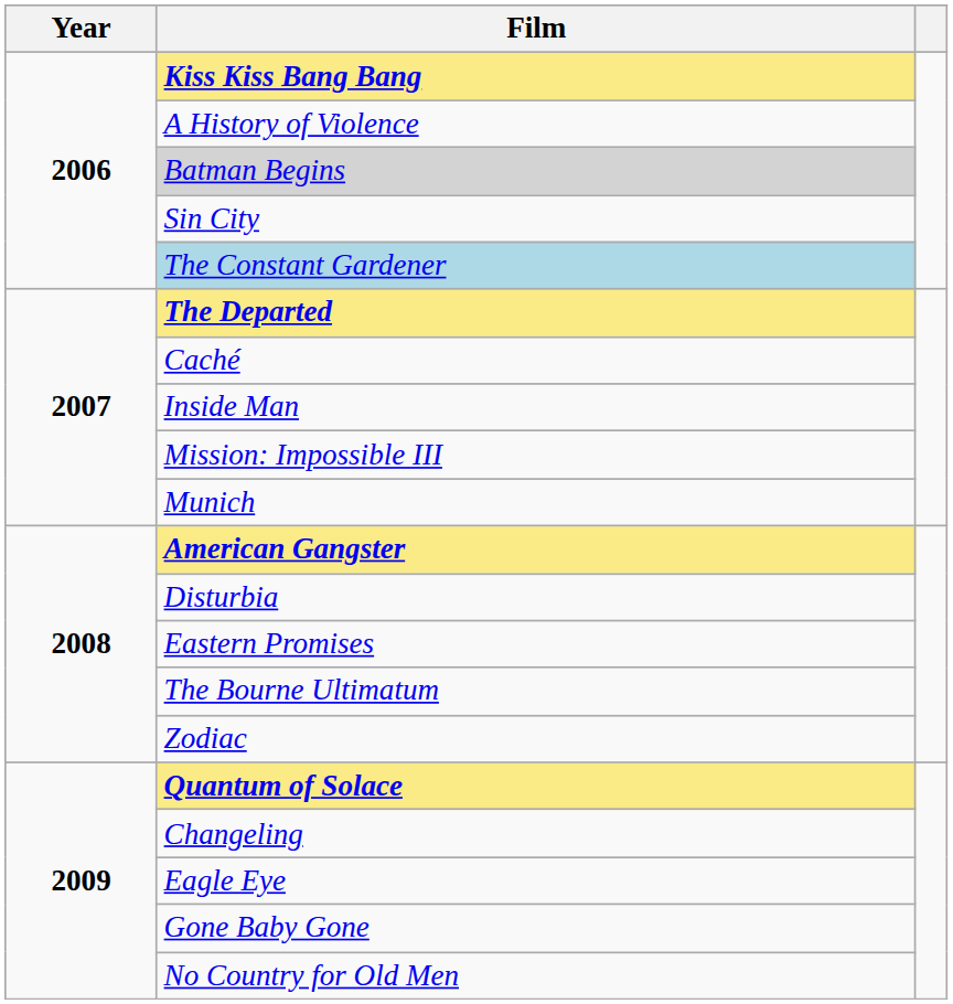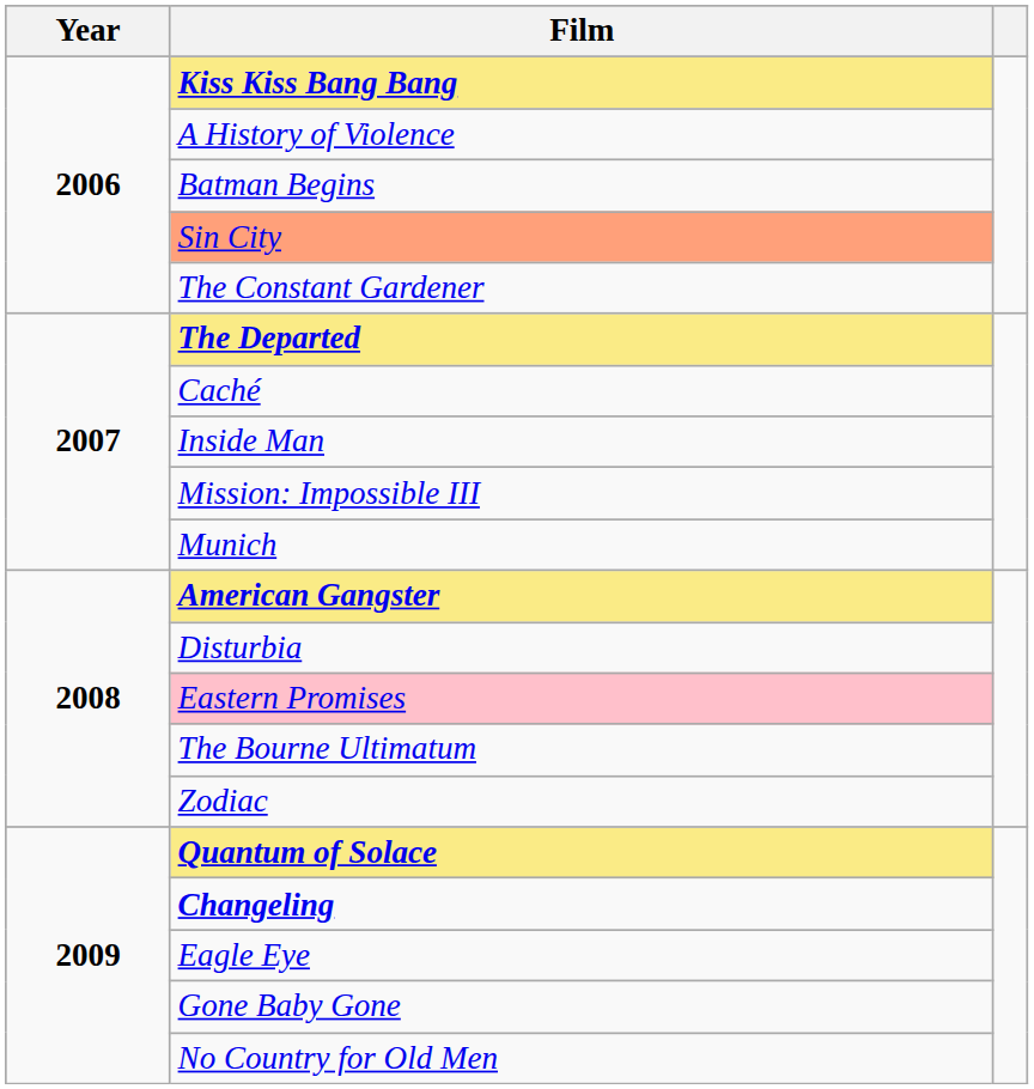 <table class="wikitable" width="40%">
 <tr>
 <th width="10%">Year</th>
 <th width="50%">Film</th>
 <th width="2%"></th>
 </tr>
 <tr>
 <td rowspan="5" style="text-align:center"><strong>2006<br> </strong></td>
 <td style="background:#FAEB86"><strong><em><a href='#'>Kiss Kiss Bang Bang</a></em></strong></td>
 <td rowspan="5" style="text-align:center"></td>
 </tr>
 <tr>
 <td><em><a href='#'>A History of Violence</a></em></td>
 </tr>
 <tr>
-<td style="background: lightgrey;"><em><a href='#'>Batman Begins</a></em></td>
+<td><em><a href='#'>Batman Begins</a></em></td>
 </tr>
 <tr>
-<td><em><a href='#'>Sin City</a></em></td>
+<td style="background: lightsalmon;"><em><a href='#'>Sin City</a></em></td>
 </tr>
 <tr>
-<td style="background: lightblue;"><em><a href='#'>The Constant Gardener</a></em></td>
+<td><em><a href='#'>The Constant Gardener</a></em></td>
 </tr>
 <tr>
 <td rowspan="5" style="text-align:center"><strong>2007<br> </strong></td>
 <td style="background:#FAEB86"><strong><em><a href='#'>The Departed</a></em></strong></td>
 <td rowspan="5" style="text-align:center"></td>
 </tr>
 <tr>
 <td><em><a href='#'>Caché</a></em></td>
 </tr>
 <tr>
 <td><em><a href='#'>Inside Man</a></em></td>
 </tr>
 <tr>
 <td><em><a href='#'>Mission: Impossible III</a></em></td>
 </tr>
 <tr>
 <td><em><a href='#'>Munich</a></em></td>
 </tr>
 <tr>
 <td rowspan="5" style="text-align:center"><strong>2008<br> </strong></td>
 <td style="background:#FAEB86"><strong><em><a href='#'>American Gangster</a></em></strong></td>
 <td rowspan="5" style="text-align:center"></td>
 </tr>
 <tr>
 <td><em><a href='#'>Disturbia</a></em></td>
 </tr>
 <tr>
-<td><em><a href='#'>Eastern Promises</a></em></td>
+<td style="background: pink;"><em><a href='#'>Eastern Promises</a></em></td>
 </tr>
 <tr>
 <td><em><a href='#'>The Bourne Ultimatum</a></em></td>
 </tr>
 <tr>
 <td><em><a href='#'>Zodiac</a></em></td>
 </tr>
 <tr>
 <td rowspan="5" style="text-align:center"><strong>2009<br> </strong></td>
 <td style="background:#FAEB86"><strong><em><a href='#'>Quantum of Solace</a></em></strong></td>
 <td rowspan="5" style="text-align:center"></td>
 </tr>
 <tr>
-<td><em><a href='#'>Changeling</a></em></td>
+<td><strong><em><a href='#'>Changeling</a></em></strong></td>
 </tr>
 <tr>
 <td><em><a href='#'>Eagle Eye</a></em></td>
 </tr>
 <tr>
 <td><em><a href='#'>Gone Baby Gone</a></em></td>
 </tr>
 <tr>
 <td><em><a href='#'>No Country for Old Men</a></em></td>
 </tr>
 </table>
